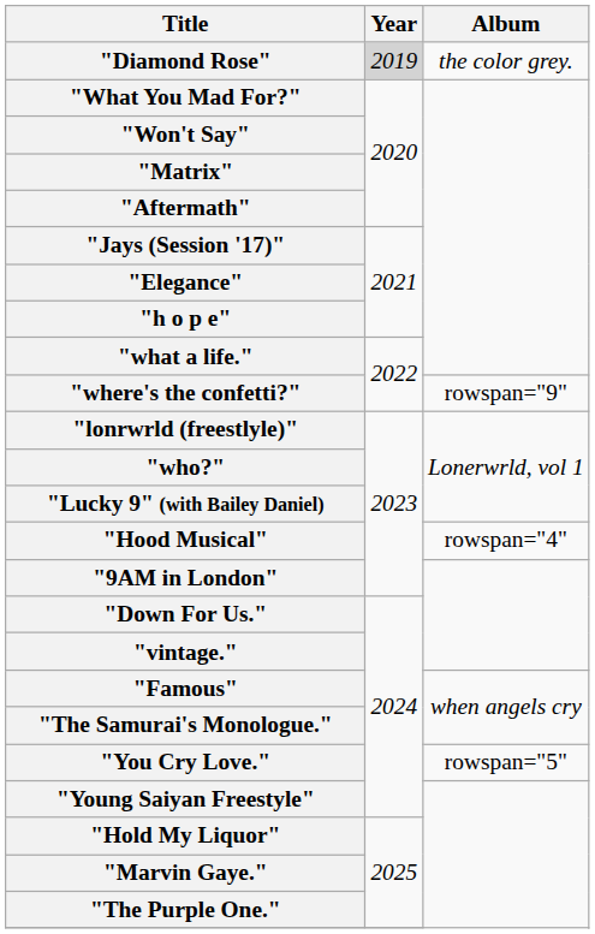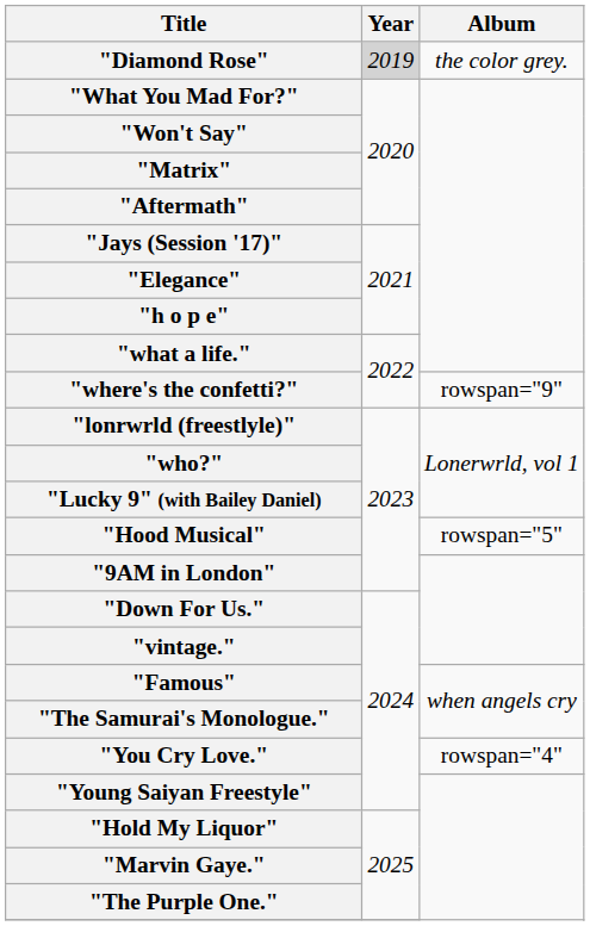 <table class="wikitable plainrowheaders" style="text-align:center;">
 <tr>
 <th scope="col" style="width:15em;">Title</th>
 <th scope="col">Year</th>
 <th scope="col">Album</th>
 </tr>
 <tr>
 <th scope="row">"Diamond Rose"</th>
 <td rowspan="1" style="background: lightgrey;"><em>2019</em></td>
 <td rowspan="1"><em>the color grey.</em></td>
 </tr>
 <tr>
 <th scope="row">"What You Mad For?"</th>
 <td rowspan="4"><em>2020</em></td>
 </tr>
 <tr>
 <th scope="row">"Won't Say"</th>
 </tr>
 <tr>
 <th scope="row">"Matrix"</th>
 </tr>
 <tr>
 <th scope="row">"Aftermath"</th>
 </tr>
 <tr>
 <th scope="row">"Jays (Session '17)"</th>
 <td rowspan="3"><em>2021</em></td>
 </tr>
 <tr>
 <th scope="row">"Elegance"</th>
 </tr>
 <tr>
 <th scope="row">"h o p e"</th>
 </tr>
 <tr>
 <th scope="row">"what a life."</th>
 <td rowspan="2"><em>2022</em></td>
 </tr>
 <tr>
 <th scope="row">"where's the confetti?"</th>
 <td>rowspan="9" </td>
 </tr>
 <tr>
 <th scope="row">"lonrwrld (freestlyle)"</th>
 <td rowspan="5"><em>2023</em></td>
 <td rowspan="3"><em>Lonerwrld, vol 1</em></td>
 </tr>
 <tr>
 <th scope="row">"who?"</th>
 </tr>
 <tr>
 <th scope="row">"Lucky 9" <small>(with Bailey Daniel)</small></th>
 </tr>
 <tr>
 <th scope="row">"Hood Musical"</th>
-<td>rowspan="4" </td>
+<td>rowspan="5" </td>
 </tr>
 <tr>
 <th scope="row">"9AM in London"</th>
 </tr>
 <tr>
 <th scope="row">"Down For Us."</th>
 <td rowspan="6"><em>2024</em></td>
 </tr>
 <tr>
 <th scope="row">"vintage."</th>
 </tr>
 <tr>
 <th scope="row">"Famous"</th>
 <td rowspan="2"><em>when angels cry</em></td>
 </tr>
 <tr>
 <th scope="row">"The Samurai's Monologue."</th>
 </tr>
 <tr>
 <th scope="row">"You Cry Love."</th>
-<td>rowspan="5" </td>
+<td>rowspan="4" </td>
 </tr>
 <tr>
 <th scope="row">"Young Saiyan Freestyle"</th>
 </tr>
 <tr>
 <th scope="row">"Hold My Liquor"</th>
 <td rowspan="3"><em>2025</em></td>
 </tr>
 <tr>
 <th scope="row">"Marvin Gaye."</th>
 </tr>
 <tr>
 <th scope="row">"The Purple One."</th>
 </tr>
 <tr>
 </tr>
 </table>
